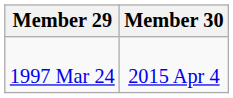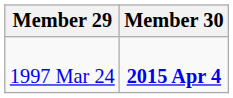 <table class=wikitable align=right>
 <tr>
 <th>Member 29</th>
 <th>Member 30</th>
 </tr>
 <tr align=center>
 <td><br><a href='#'>1997 Mar 24</a></td>
-<td><br><a href='#'>2015 Apr 4</a></td>
+<td><strong><br><a href='#'>2015 Apr 4</a></strong></td>
 </tr>
 </table>
